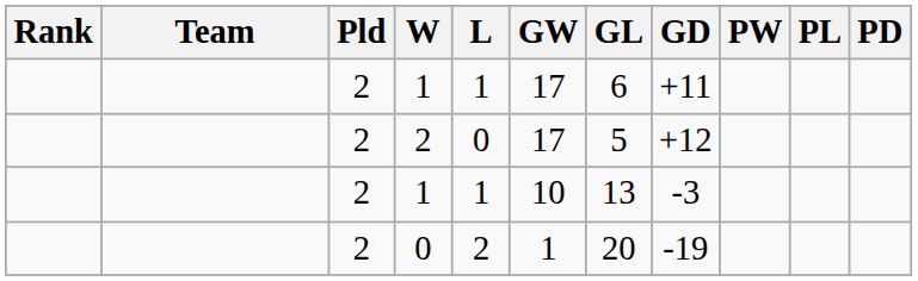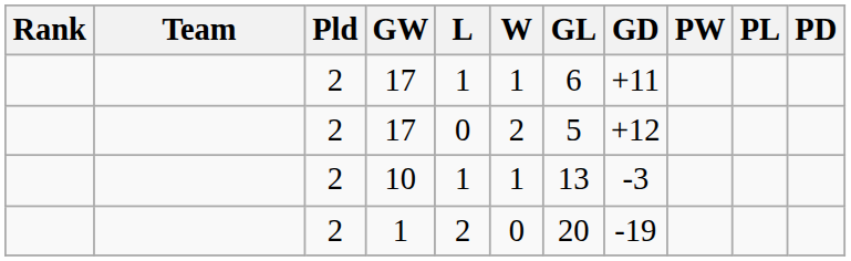 <table class=wikitable style="text-align:center">
 <tr>
 <th width=20>Rank</th>
 <th width=100>Team</th>
 <th width=20>Pld</th>
+<th width=20>GW</th>
+<th width=20>L</th>
 <th width=20>W</th>
-<th width=20>L</th>
-<th width=20>GW</th>
 <th width=20>GL</th>
 <th width=20>GD</th>
 <th width=20>PW</th>
 <th width=20>PL</th>
 <th width=20>PD</th>
 </tr>
 <tr>
 <td></td>
 <td align=left></td>
 <td>2</td>
+<td>17</td>
 <td>1</td>
 <td>1</td>
-<td>17</td>
 <td>6</td>
 <td>+11</td>
 <td></td>
 <td></td>
 <td></td>
 </tr>
 <tr>
 <td></td>
 <td align=left></td>
 <td>2</td>
+<td>17</td>
+<td>0</td>
 <td>2</td>
-<td>0</td>
-<td>17</td>
 <td>5</td>
 <td>+12</td>
 <td></td>
 <td></td>
 <td></td>
 </tr>
 <tr>
 <td></td>
 <td align=left></td>
 <td>2</td>
+<td>10</td>
 <td>1</td>
 <td>1</td>
-<td>10</td>
 <td>13</td>
 <td>-3</td>
 <td></td>
 <td></td>
 <td></td>
 </tr>
 <tr>
 <td></td>
 <td align=left></td>
 <td>2</td>
+<td>1</td>
+<td>2</td>
 <td>0</td>
-<td>2</td>
-<td>1</td>
 <td>20</td>
 <td>-19</td>
 <td></td>
 <td></td>
 <td></td>
 </tr>
 </table>
